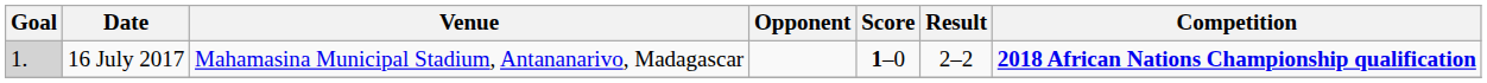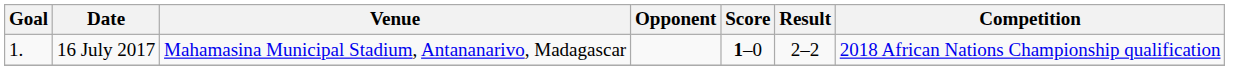 <table class="wikitable plainrowheaders sortable">
 <tr>
 <th>Goal</th>
 <th>Date</th>
 <th>Venue</th>
 <th>Opponent</th>
 <th>Score</th>
 <th>Result</th>
 <th>Competition</th>
 </tr>
 <tr>
-<td style="background: lightgrey;">1.</td>
+<td>1.</td>
 <td>16 July 2017</td>
 <td><a href='#'>Mahamasina Municipal Stadium</a>, <a href='#'>Antananarivo</a>, Madagascar</td>
 <td></td>
 <td align=center><strong>1</strong>–0</td>
 <td align=center>2–2</td>
-<td><strong><a href='#'>2018 African Nations Championship qualification</a></strong></td>
+<td><a href='#'>2018 African Nations Championship qualification</a></td>
 </tr>
 <tr>
 </tr>
 </table>
